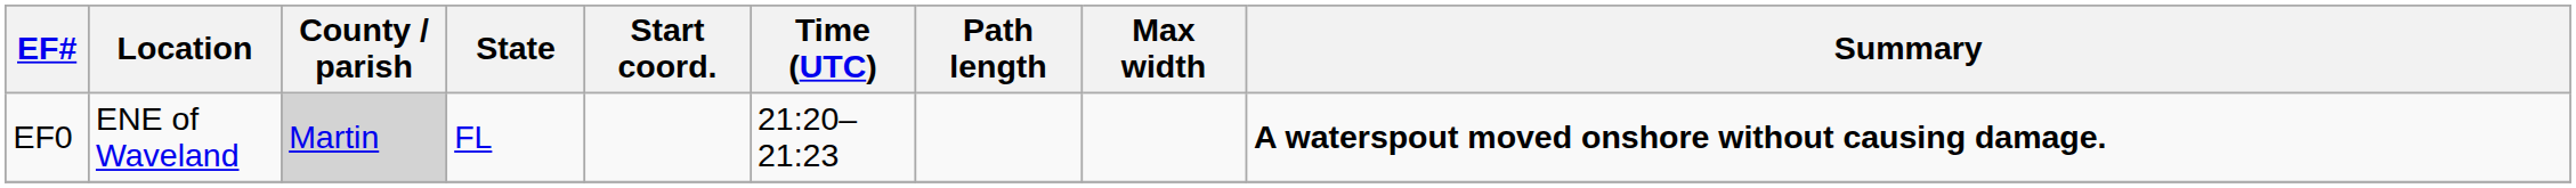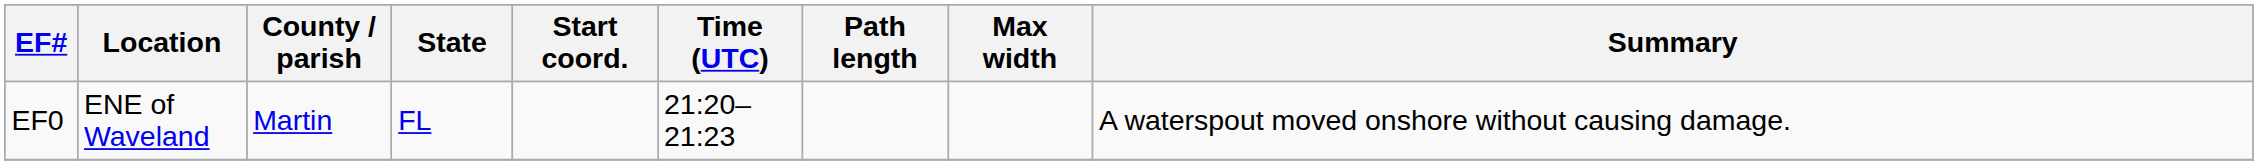 <table class="wikitable sortable" style="width:100%;">
 <tr>
 <th scope="col"  style="width:3%; text-align:center;"><a href='#'>EF#</a></th>
 <th scope="col"  style="width:7%; text-align:center;" class="unsortable">Location</th>
 <th scope="col"  style="width:6%; text-align:center;" class="unsortable">County / parish</th>
 <th scope="col"  style="width:5%; text-align:center;">State</th>
 <th scope="col"  style="width:6%; text-align:center;">Start coord.</th>
 <th scope="col"  style="width:6%; text-align:center;">Time (<a href='#'>UTC</a>)</th>
 <th scope="col"  style="width:6%; text-align:center;">Path length</th>
 <th scope="col"  style="width:6%; text-align:center;">Max width</th>
 <th scope="col" class="unsortable" style="width:48%; text-align:center;">Summary</th>
 </tr>
 <tr>
 <td bgcolor=>EF0</td>
 <td>ENE of <a href='#'>Waveland</a></td>
-<td style="background: lightgrey;"><a href='#'>Martin</a></td>
+<td><a href='#'>Martin</a></td>
 <td><a href='#'>FL</a></td>
 <td></td>
 <td>21:20–21:23</td>
 <td></td>
 <td></td>
-<td><strong>A waterspout moved onshore without causing damage.</strong></td>
+<td>A waterspout moved onshore without causing damage.</td>
 </tr>
 <tr>
 </tr>
 </table>
